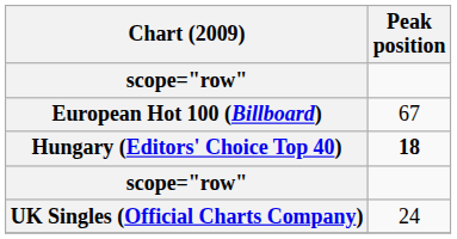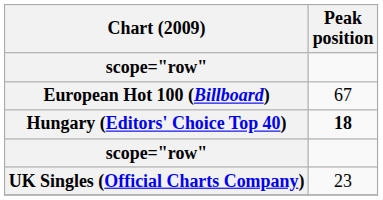 <table class="wikitable sortable plainrowheaders" style="text-align:center;">
 <tr>
 <th scope="col" style="width:em;">Chart (2009)</th>
 <th scope="col">Peak<br>position</th>
 </tr>
 <tr>
 <th>scope="row" </th>
 </tr>
 <tr>
 <th scope="row">European Hot 100 (<a href='#'><em>Billboard</em></a>)</th>
 <td style="text-align:center;">67</td>
 </tr>
 <tr>
 <th scope="row">Hungary (<a href='#'>Editors' Choice Top 40</a>)</th>
 <td><strong>18</strong></td>
 </tr>
 <tr>
 <th>scope="row" </th>
 </tr>
 <tr>
 <th scope="row">UK Singles (<a href='#'>Official Charts Company</a>)</th>
-<td style="text-align:center;">24</td>
+<td style="text-align:center;">23</td>
 </tr>
 <tr>
 </tr>
 </table>
